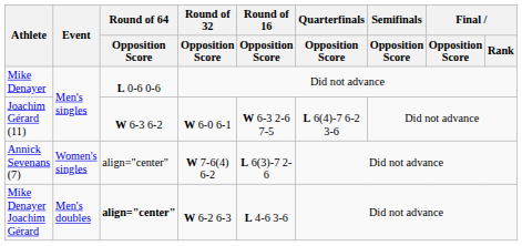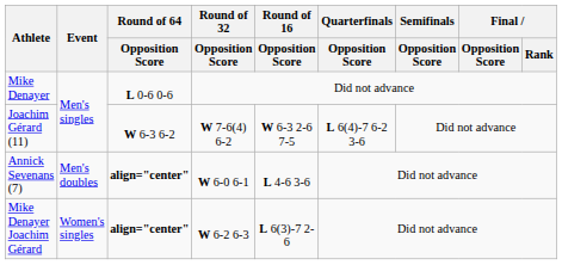 <table class=wikitable>
 <tr>
 <th rowspan="2">Athlete</th>
 <th rowspan="2">Event</th>
 <th>Round of 64</th>
 <th>Round of 32</th>
 <th>Round of 16</th>
 <th>Quarterfinals</th>
 <th>Semifinals</th>
 <th colspan="2">Final / </th>
 </tr>
 <tr>
 <th>Opposition <br> Score</th>
 <th>Opposition <br> Score</th>
 <th>Opposition <br> Score</th>
 <th>Opposition <br> Score</th>
 <th>Opposition <br> Score</th>
 <th>Opposition <br> Score</th>
 <th>Rank</th>
 </tr>
 <tr>
 <td><a href='#'>Mike Denayer</a></td>
 <td rowspan="2"><a href='#'>Men's singles</a></td>
 <td align="center"> <br> <strong>L</strong> 0-6 0-6</td>
 <td align="center" colspan=6>Did not advance</td>
 </tr>
 <tr>
 <td><a href='#'>Joachim Gérard</a> (11)</td>
 <td align="center"> <br> <strong>W</strong> 6-3 6-2</td>
-<td align="center"> <br> <strong>W</strong> 6-0 6-1</td>
+<td align="center"> <br> <strong>W</strong> 7-6(4) 6-2</td>
 <td align="center"> <br> <strong>W</strong> 6-3 2-6 7-5</td>
 <td align="center"> <br> <strong>L</strong> 6(4)-7 6-2 3-6</td>
 <td align="center" colspan=3>Did not advance</td>
 </tr>
 <tr>
 <td><a href='#'>Annick Sevenans</a> (7)</td>
-<td><a href='#'>Women's singles</a></td>
-<td>align="center" </td>
-<td align="center"> <br> <strong>W</strong> 7-6(4) 6-2</td>
-<td align="center"> <br> <strong>L</strong> 6(3)-7 2-6</td>
+<td><a href='#'>Men's doubles</a></td>
+<td><strong>align="center" </strong></td>
+<td align="center"> <br> <strong>W</strong> 6-0 6-1</td>
+<td align="center"> <br> <strong>L</strong> 4-6 3-6</td>
 <td align="center" colspan=4>Did not advance</td>
 </tr>
 <tr>
 <td><a href='#'>Mike Denayer</a><br><a href='#'>Joachim Gérard</a></td>
-<td><a href='#'>Men's doubles</a></td>
+<td><a href='#'>Women's singles</a></td>
 <td><strong>align="center" </strong></td>
 <td align="center"> <br> <strong>W</strong> 6-2 6-3</td>
-<td align="center"> <br> <strong>L</strong> 4-6 3-6</td>
+<td align="center"> <br> <strong>L</strong> 6(3)-7 2-6</td>
 <td align="center" colspan=4>Did not advance</td>
 </tr>
 </table>
